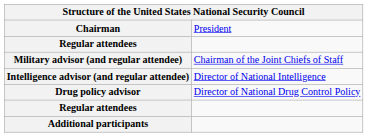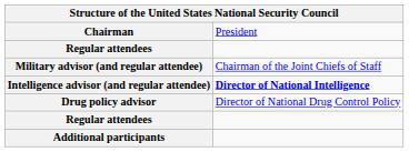 <table class="wikitable">
 <tr>
 <th colspan="2">Structure of the United States National Security Council</th>
 </tr>
 <tr>
 <th>Chairman</th>
 <td><a href='#'>President</a></td>
 </tr>
 <tr>
 <th>Regular attendees</th>
 <td></td>
 </tr>
 <tr>
 <th>Military advisor (and regular attendee)</th>
 <td><a href='#'>Chairman of the Joint Chiefs of Staff</a></td>
 </tr>
 <tr>
 <th>Intelligence advisor (and regular attendee)</th>
-<td><a href='#'>Director of National Intelligence</a></td>
+<td><strong><a href='#'>Director of National Intelligence</a></strong></td>
 </tr>
 <tr>
 <th>Drug policy advisor</th>
 <td><a href='#'>Director of National Drug Control Policy</a></td>
 </tr>
 <tr>
 <th>Regular attendees</th>
 <td></td>
 </tr>
 <tr>
 <th>Additional participants</th>
 <td></td>
 </tr>
 </table>
